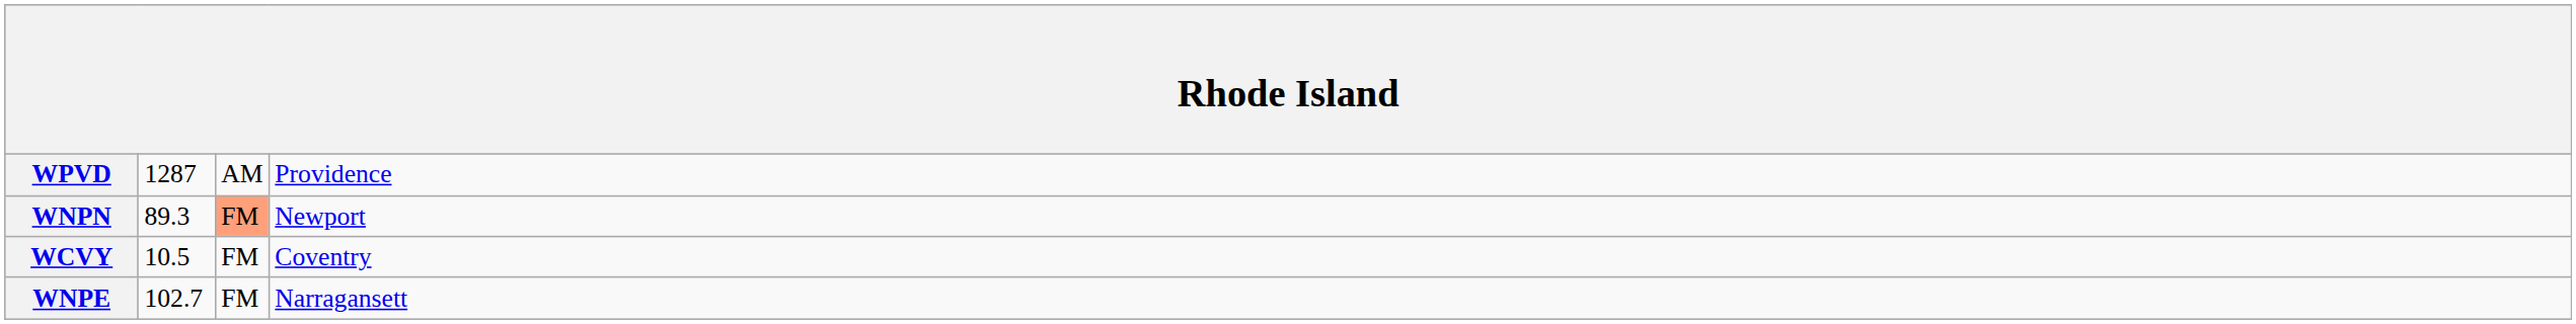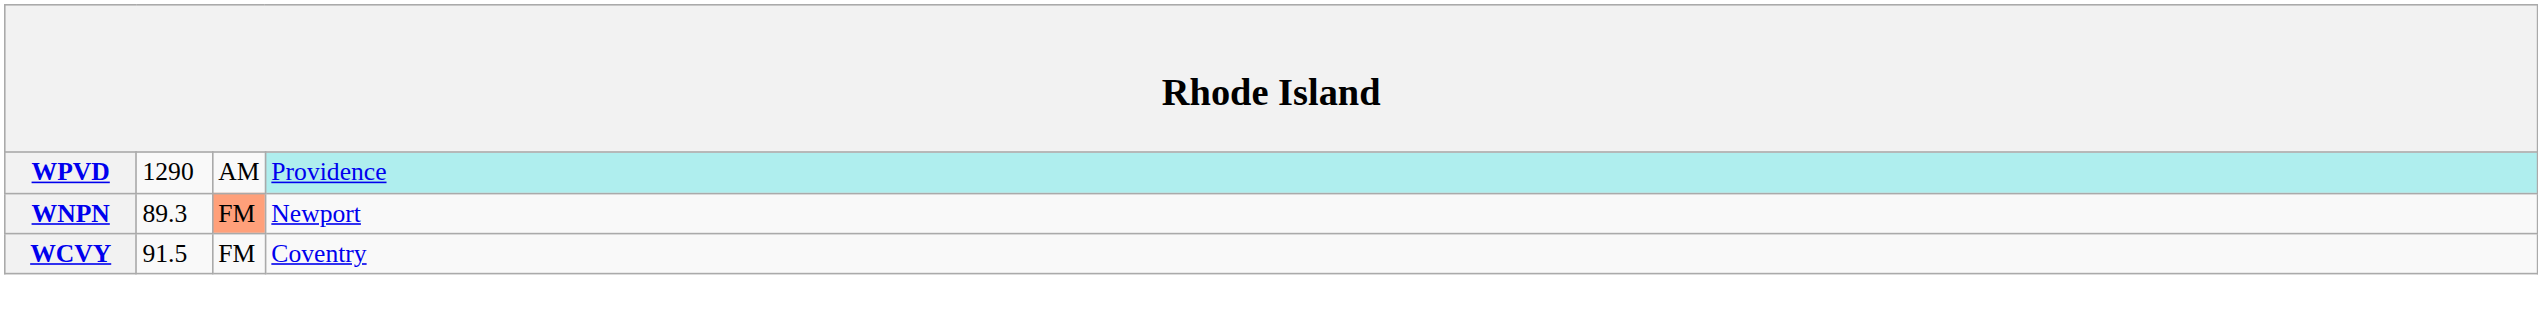 <table class="wikitable mw-collapsible" style="width:100%">
 <tr>
 <th scope="col" colspan="4"><br><h2>Rhode Island</h2></th>
 </tr>
 <tr>
 <th scope="row" style="width: 75px;"><a href='#'>WPVD</a></th>
-<td style="width: 40px;">1287</td>
+<td style="width: 40px;">1290</td>
 <td style="width: 21px;">AM</td>
-<td><a href='#'>Providence</a></td>
+<td style="background: paleturquoise;"><a href='#'>Providence</a></td>
 </tr>
 <tr>
 <th scope="row"><a href='#'>WNPN</a></th>
 <td>89.3</td>
 <td style="background: lightsalmon;">FM</td>
 <td><a href='#'>Newport</a></td>
 </tr>
 <tr>
 <th scope="row"><a href='#'>WCVY</a></th>
-<td>10.5</td>
+<td>91.5</td>
 <td>FM</td>
 <td><a href='#'>Coventry</a></td>
 </tr>
-<tr>
-<th scope="row"><a href='#'>WNPE</a></th>
-<td>102.7</td>
-<td>FM</td>
-<td><a href='#'>Narragansett</a></td>
-</tr>
 </table>
